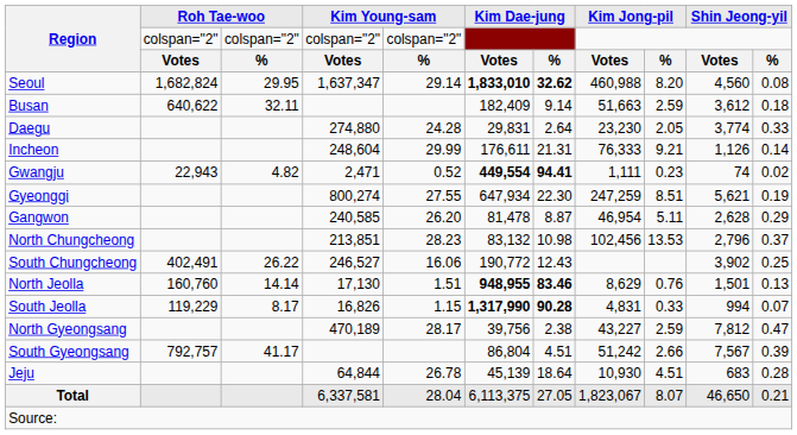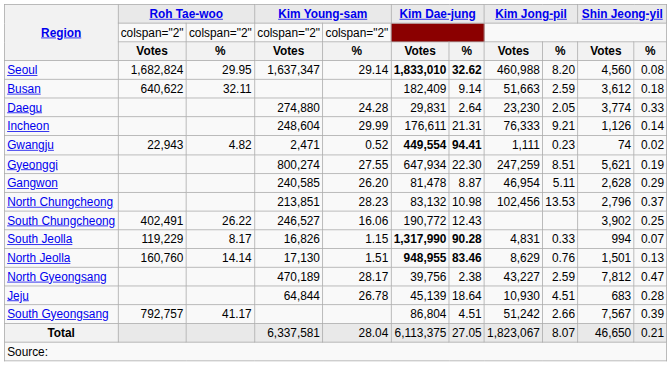 <table class="wikitable" style="text-align:right; font-size:95%">
 <tr>
 <th rowspan="3"><a href='#'>Region</a></th>
 <th colspan="2" align="center" style="background: #E9E9E9"><a href='#'>Roh Tae-woo</a></th>
 <th colspan="2" align="center" style="background: #E9E9E9"><a href='#'>Kim Young-sam</a></th>
 <th colspan="2" align="center" style="background: #E9E9E9"><a href='#'>Kim Dae-jung</a></th>
 <th colspan="2" align="center" style="background: #E9E9E9"><a href='#'>Kim Jong-pil</a></th>
 <th colspan="2" align="center" style="background: #E9E9E9"><a href='#'>Shin Jeong-yil</a></th>
 </tr>
 <tr>
 <td>colspan="2" </td>
 <td>colspan="2" </td>
 <td>colspan="2" </td>
 <td>colspan="2" </td>
 <td colspan="2" bgcolor="darkred"></td>
 </tr>
 <tr>
 <th width="65px">Votes</th>
 <th width="35px">%</th>
 <th width="65px">Votes</th>
 <th width="35px">%</th>
 <th width="65px">Votes</th>
 <th width="35px">%</th>
 <th width="65px">Votes</th>
 <th width="35px">%</th>
 <th width="65px">Votes</th>
 <th width="35px">%</th>
 </tr>
 <tr>
 <td align="left"><a href='#'>Seoul</a></td>
 <td>1,682,824</td>
 <td>29.95</td>
 <td>1,637,347</td>
 <td>29.14</td>
 <td bgcolor=><strong>1,833,010</strong></td>
 <td bgcolor=><strong>32.62</strong></td>
 <td>460,988</td>
 <td>8.20</td>
 <td>4,560</td>
 <td>0.08</td>
 </tr>
 <tr>
 <td align="left"><a href='#'>Busan</a></td>
 <td>640,622</td>
 <td>32.11</td>
 <td bgcolor=></td>
 <td bgcolor=></td>
 <td>182,409</td>
 <td>9.14</td>
 <td>51,663</td>
 <td>2.59</td>
 <td>3,612</td>
 <td>0.18</td>
 </tr>
 <tr>
 <td align="left"><a href='#'>Daegu</a></td>
 <td bgcolor=></td>
 <td bgcolor=></td>
 <td>274,880</td>
 <td>24.28</td>
 <td>29,831</td>
 <td>2.64</td>
 <td>23,230</td>
 <td>2.05</td>
 <td>3,774</td>
 <td>0.33</td>
 </tr>
 <tr>
 <td align="left"><a href='#'>Incheon</a></td>
 <td bgcolor=></td>
 <td bgcolor=></td>
 <td>248,604</td>
 <td>29.99</td>
 <td>176,611</td>
 <td>21.31</td>
 <td>76,333</td>
 <td>9.21</td>
 <td>1,126</td>
 <td>0.14</td>
 </tr>
 <tr>
 <td align="left"><a href='#'>Gwangju</a></td>
 <td>22,943</td>
 <td>4.82</td>
 <td>2,471</td>
 <td>0.52</td>
 <td bgcolor=><strong>449,554</strong></td>
 <td bgcolor=><strong>94.41</strong></td>
 <td>1,111</td>
 <td>0.23</td>
 <td>74</td>
 <td>0.02</td>
 </tr>
 <tr>
 <td align="left"><a href='#'>Gyeonggi</a></td>
 <td bgcolor=></td>
 <td bgcolor=></td>
 <td>800,274</td>
 <td>27.55</td>
 <td>647,934</td>
 <td>22.30</td>
 <td>247,259</td>
 <td>8.51</td>
 <td>5,621</td>
 <td>0.19</td>
 </tr>
 <tr>
 <td align="left"><a href='#'>Gangwon</a></td>
 <td bgcolor=></td>
 <td bgcolor=></td>
 <td>240,585</td>
 <td>26.20</td>
 <td>81,478</td>
 <td>8.87</td>
 <td>46,954</td>
 <td>5.11</td>
 <td>2,628</td>
 <td>0.29</td>
 </tr>
 <tr>
 <td align="left"><a href='#'>North Chungcheong</a></td>
 <td bgcolor=></td>
 <td bgcolor=></td>
 <td>213,851</td>
 <td>28.23</td>
 <td>83,132</td>
 <td>10.98</td>
 <td>102,456</td>
 <td>13.53</td>
 <td>2,796</td>
 <td>0.37</td>
 </tr>
 <tr>
 <td align="left"><a href='#'>South Chungcheong</a></td>
 <td>402,491</td>
 <td>26.22</td>
 <td>246,527</td>
 <td>16.06</td>
 <td>190,772</td>
 <td>12.43</td>
 <td bgcolor=></td>
 <td bgcolor=></td>
 <td>3,902</td>
 <td>0.25</td>
 </tr>
 <tr>
+<td align="left"><a href='#'>South Jeolla</a></td>
+<td>119,229</td>
+<td>8.17</td>
+<td>16,826</td>
+<td>1.15</td>
+<td bgcolor=><strong>1,317,990</strong></td>
+<td bgcolor=><strong>90.28</strong></td>
+<td>4,831</td>
+<td>0.33</td>
+<td>994</td>
+<td>0.07</td>
+</tr>
+<tr>
 <td align="left"><a href='#'>North Jeolla</a></td>
 <td>160,760</td>
 <td>14.14</td>
 <td>17,130</td>
 <td>1.51</td>
 <td bgcolor=><strong>948,955</strong></td>
 <td bgcolor=><strong>83.46</strong></td>
 <td>8,629</td>
 <td>0.76</td>
 <td>1,501</td>
 <td>0.13</td>
-</tr>
-<tr>
-<td align="left"><a href='#'>South Jeolla</a></td>
-<td>119,229</td>
-<td>8.17</td>
-<td>16,826</td>
-<td>1.15</td>
-<td bgcolor=><strong>1,317,990</strong></td>
-<td bgcolor=><strong>90.28</strong></td>
-<td>4,831</td>
-<td>0.33</td>
-<td>994</td>
-<td>0.07</td>
 </tr>
 <tr>
 <td align="left"><a href='#'>North Gyeongsang</a></td>
 <td bgcolor=></td>
 <td bgcolor=></td>
 <td>470,189</td>
 <td>28.17</td>
 <td>39,756</td>
 <td>2.38</td>
 <td>43,227</td>
 <td>2.59</td>
 <td>7,812</td>
 <td>0.47</td>
 </tr>
 <tr>
+<td align="left"><a href='#'>Jeju</a></td>
+<td bgcolor=></td>
+<td bgcolor=></td>
+<td>64,844</td>
+<td>26.78</td>
+<td>45,139</td>
+<td>18.64</td>
+<td>10,930</td>
+<td>4.51</td>
+<td>683</td>
+<td>0.28</td>
+</tr>
+<tr>
 <td align="left"><a href='#'>South Gyeongsang</a></td>
 <td>792,757</td>
 <td>41.17</td>
 <td bgcolor=></td>
 <td bgcolor=></td>
 <td>86,804</td>
 <td>4.51</td>
 <td>51,242</td>
 <td>2.66</td>
 <td>7,567</td>
 <td>0.39</td>
-</tr>
-<tr>
-<td align="left"><a href='#'>Jeju</a></td>
-<td bgcolor=></td>
-<td bgcolor=></td>
-<td>64,844</td>
-<td>26.78</td>
-<td>45,139</td>
-<td>18.64</td>
-<td>10,930</td>
-<td>4.51</td>
-<td>683</td>
-<td>0.28</td>
 </tr>
 <tr style="background:#E9E9E9">
 <th align="left"><strong>Total</strong></th>
 <td bgcolor=></td>
 <td bgcolor=></td>
 <td>6,337,581</td>
 <td>28.04</td>
 <td>6,113,375</td>
 <td>27.05</td>
 <td>1,823,067</td>
 <td>8.07</td>
 <td>46,650</td>
 <td>0.21</td>
 </tr>
 <tr>
 <td colspan="11" align="left">Source: </td>
 </tr>
 </table>
